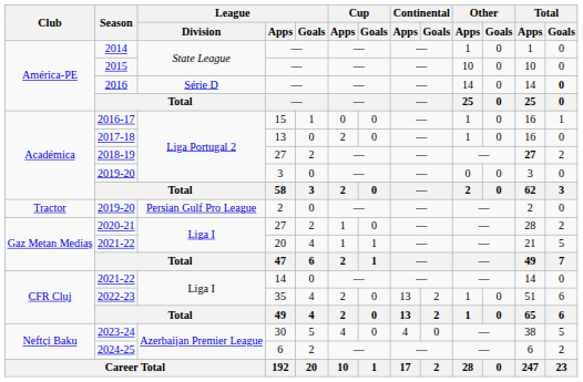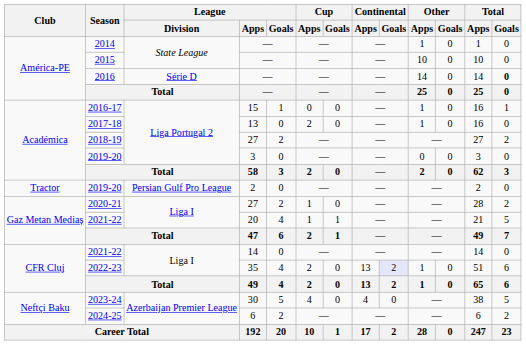 <table class="wikitable" border="1" style="text-align: center;">
 <tr>
 <th rowspan="2">Club</th>
 <th rowspan="2">Season</th>
 <th colspan="3">League</th>
 <th colspan="2">Cup</th>
 <th colspan="2">Continental</th>
 <th colspan="2">Other</th>
 <th colspan="2">Total</th>
 </tr>
 <tr>
 <th>Division</th>
 <th>Apps</th>
 <th>Goals</th>
 <th>Apps</th>
 <th>Goals</th>
 <th>Apps</th>
 <th>Goals</th>
 <th>Apps</th>
 <th>Goals</th>
 <th>Apps</th>
 <th>Goals</th>
 </tr>
 <tr>
 <td rowspan="4"><a href='#'>América-PE</a></td>
 <td><a href='#'>2014</a></td>
 <td rowspan="2"><em>State League</em></td>
 <td colspan="2">—</td>
 <td colspan="2">—</td>
 <td colspan="2">—</td>
 <td>1</td>
 <td>0</td>
 <td>1</td>
 <td>0</td>
 </tr>
 <tr>
 <td><a href='#'>2015</a></td>
 <td colspan="2">—</td>
 <td colspan="2">—</td>
 <td colspan="2">—</td>
 <td>10</td>
 <td>0</td>
 <td>10</td>
 <td>0</td>
 </tr>
 <tr>
 <td><a href='#'>2016</a></td>
 <td><a href='#'>Série D</a></td>
 <td colspan="2">—</td>
 <td colspan="2">—</td>
 <td colspan="2">—</td>
 <td>14</td>
 <td>0</td>
 <td>14</td>
 <td><strong>0</strong></td>
 </tr>
 <tr>
 <th colspan="2">Total</th>
 <th colspan="2">—</th>
 <th colspan="2">—</th>
 <th colspan="2">—</th>
 <th>25</th>
 <th>0</th>
 <th>25</th>
 <th>0</th>
 </tr>
 <tr>
 <td rowspan="5"><a href='#'>Académica</a></td>
 <td><a href='#'>2016-17</a></td>
 <td rowspan="4"><a href='#'>Liga Portugal 2</a></td>
 <td>15</td>
 <td>1</td>
 <td>0</td>
 <td>0</td>
 <td colspan="2">—</td>
 <td>1</td>
 <td>0</td>
 <td>16</td>
 <td>1</td>
 </tr>
 <tr>
 <td><a href='#'>2017-18</a></td>
 <td>13</td>
 <td>0</td>
 <td>2</td>
 <td>0</td>
 <td colspan="2">—</td>
 <td>1</td>
 <td>0</td>
 <td>16</td>
 <td>0</td>
 </tr>
 <tr>
 <td><a href='#'>2018-19</a></td>
 <td>27</td>
 <td>2</td>
 <td colspan="2">—</td>
 <td colspan="2">—</td>
 <td colspan="2">—</td>
-<td><strong>27</strong></td>
+<td>27</td>
 <td>2</td>
 </tr>
 <tr>
 <td><a href='#'>2019-20</a></td>
 <td>3</td>
 <td>0</td>
 <td colspan="2">—</td>
 <td colspan="2">—</td>
 <td>0</td>
 <td>0</td>
 <td>3</td>
 <td>0</td>
 </tr>
 <tr>
 <th colspan="2">Total</th>
 <th>58</th>
 <th>3</th>
 <th>2</th>
 <th>0</th>
 <th colspan="2">—</th>
 <th>2</th>
 <th>0</th>
 <th>62</th>
 <th>3</th>
 </tr>
 <tr>
 <td><a href='#'>Tractor</a></td>
 <td><a href='#'>2019-20</a></td>
 <td><a href='#'>Persian Gulf Pro League</a></td>
 <td>2</td>
 <td>0</td>
 <td colspan="2">—</td>
 <td colspan="2">—</td>
 <td colspan="2">—</td>
 <td>2</td>
 <td>0</td>
 </tr>
 <tr>
 <td rowspan="3"><a href='#'>Gaz Metan Mediaș</a></td>
 <td><a href='#'>2020-21</a></td>
 <td rowspan="2"><a href='#'>Liga I</a></td>
 <td>27</td>
 <td>2</td>
 <td>1</td>
 <td>0</td>
 <td colspan="2">—</td>
 <td colspan="2">—</td>
 <td>28</td>
 <td>2</td>
 </tr>
 <tr>
 <td><a href='#'>2021-22</a></td>
 <td>20</td>
 <td>4</td>
 <td>1</td>
 <td>1</td>
 <td colspan="2">—</td>
 <td colspan="2">—</td>
 <td>21</td>
 <td>5</td>
 </tr>
 <tr>
 <th colspan="2">Total</th>
 <th>47</th>
 <th>6</th>
 <th>2</th>
 <th>1</th>
 <th colspan="2">—</th>
 <th colspan="2">—</th>
 <th>49</th>
 <th>7</th>
 </tr>
 <tr>
 <td rowspan="3"><a href='#'>CFR Cluj</a></td>
 <td><a href='#'>2021-22</a></td>
 <td rowspan="2">Liga I</td>
 <td>14</td>
 <td>0</td>
 <td colspan="2">—</td>
 <td colspan="2">—</td>
 <td colspan="2">—</td>
 <td>14</td>
 <td>0</td>
 </tr>
 <tr>
 <td><a href='#'>2022-23</a></td>
 <td>35</td>
 <td>4</td>
 <td>2</td>
 <td>0</td>
 <td>13</td>
-<td>2</td>
+<td style="background: lavender;">2</td>
 <td>1</td>
 <td>0</td>
 <td>51</td>
 <td>6</td>
 </tr>
 <tr>
 <th colspan="2">Total</th>
 <th>49</th>
 <th>4</th>
 <th>2</th>
 <th>0</th>
 <th>13</th>
 <th>2</th>
 <th>1</th>
 <th>0</th>
 <th>65</th>
 <th>6</th>
 </tr>
 <tr>
 <td rowspan="2"><a href='#'>Neftçi Baku</a></td>
 <td><a href='#'>2023-24</a></td>
 <td rowspan="2"><a href='#'>Azerbaijan Premier League</a></td>
 <td>30</td>
 <td>5</td>
 <td>4</td>
 <td>0</td>
 <td>4</td>
 <td>0</td>
 <td colspan="2">—</td>
 <td>38</td>
 <td>5</td>
 </tr>
 <tr>
 <td><a href='#'>2024-25</a></td>
 <td>6</td>
 <td>2</td>
 <td colspan="2">—</td>
 <td colspan="2">—</td>
 <td colspan="2">—</td>
 <td>6</td>
 <td>2</td>
 </tr>
 <tr>
 <th colspan="3">Career Total</th>
 <th>192</th>
 <th>20</th>
 <th>10</th>
 <th>1</th>
 <th>17</th>
 <th>2</th>
 <th>28</th>
 <th>0</th>
 <th>247</th>
 <th>23</th>
 </tr>
 </table>
